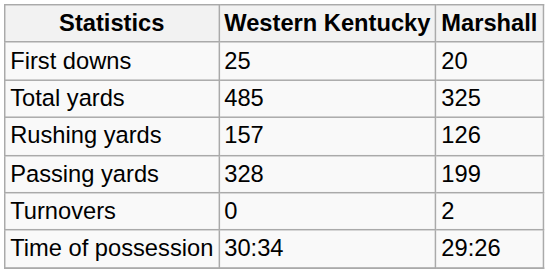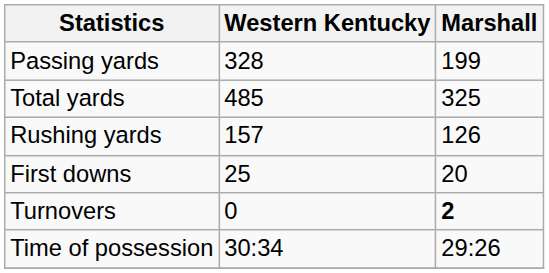 <table class="wikitable">
 <tr>
 <th>Statistics</th>
 <th>Western Kentucky</th>
 <th>Marshall</th>
 </tr>
 <tr>
-<td>First downs</td>
-<td>25</td>
-<td>20</td>
+<td>Passing yards</td>
+<td>328</td>
+<td>199</td>
 </tr>
 <tr>
 <td>Total yards</td>
 <td>485</td>
 <td>325</td>
 </tr>
 <tr>
 <td>Rushing yards</td>
 <td>157</td>
 <td>126</td>
 </tr>
 <tr>
-<td>Passing yards</td>
-<td>328</td>
-<td>199</td>
+<td>First downs</td>
+<td>25</td>
+<td>20</td>
 </tr>
 <tr>
 <td>Turnovers</td>
 <td>0</td>
-<td>2</td>
+<td><strong>2</strong></td>
 </tr>
 <tr>
 <td>Time of possession</td>
 <td>30:34</td>
 <td>29:26</td>
 </tr>
 <tr>
 </tr>
 </table>
